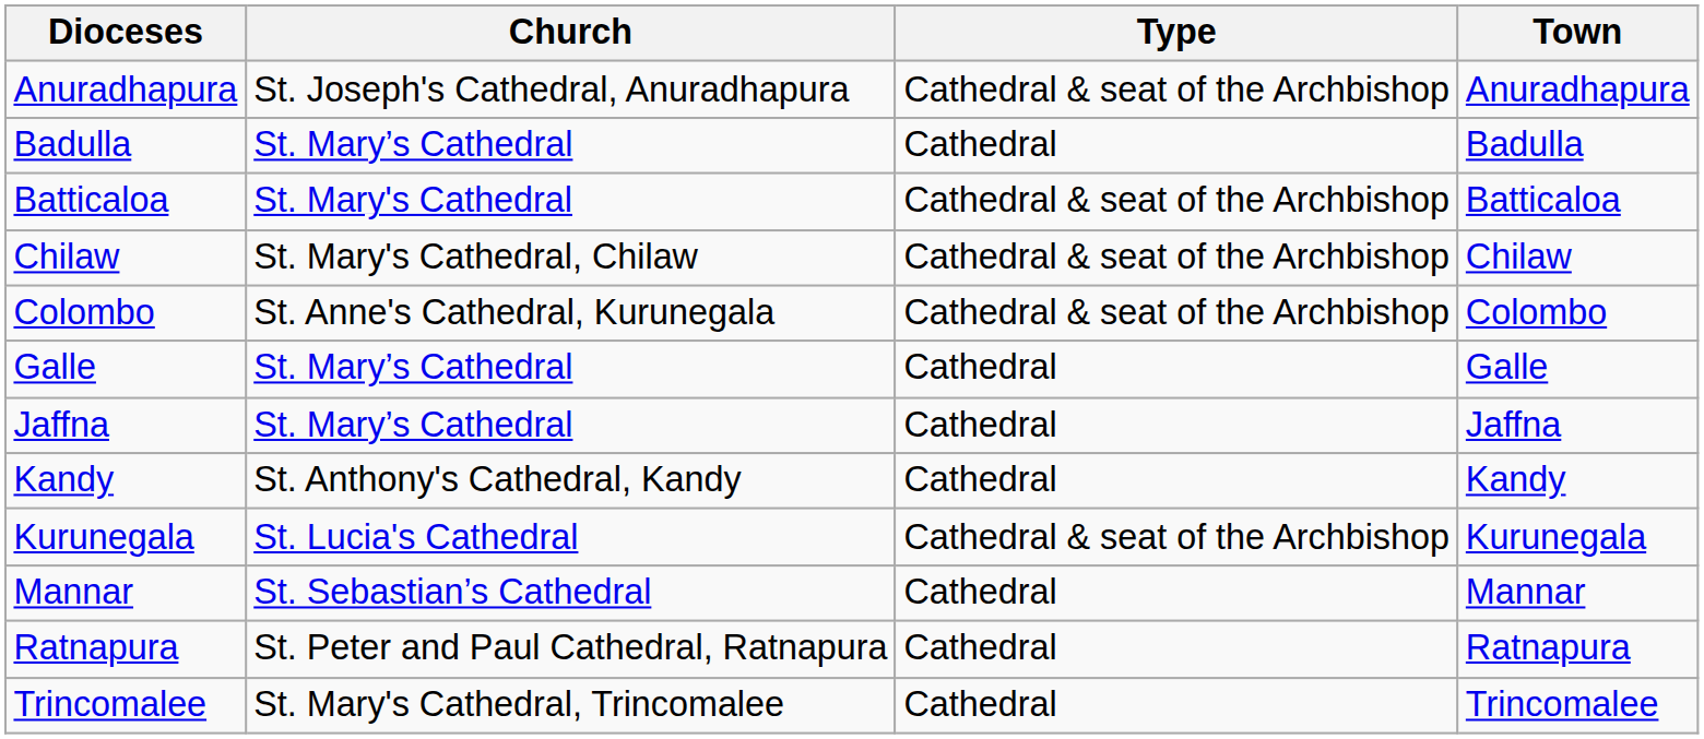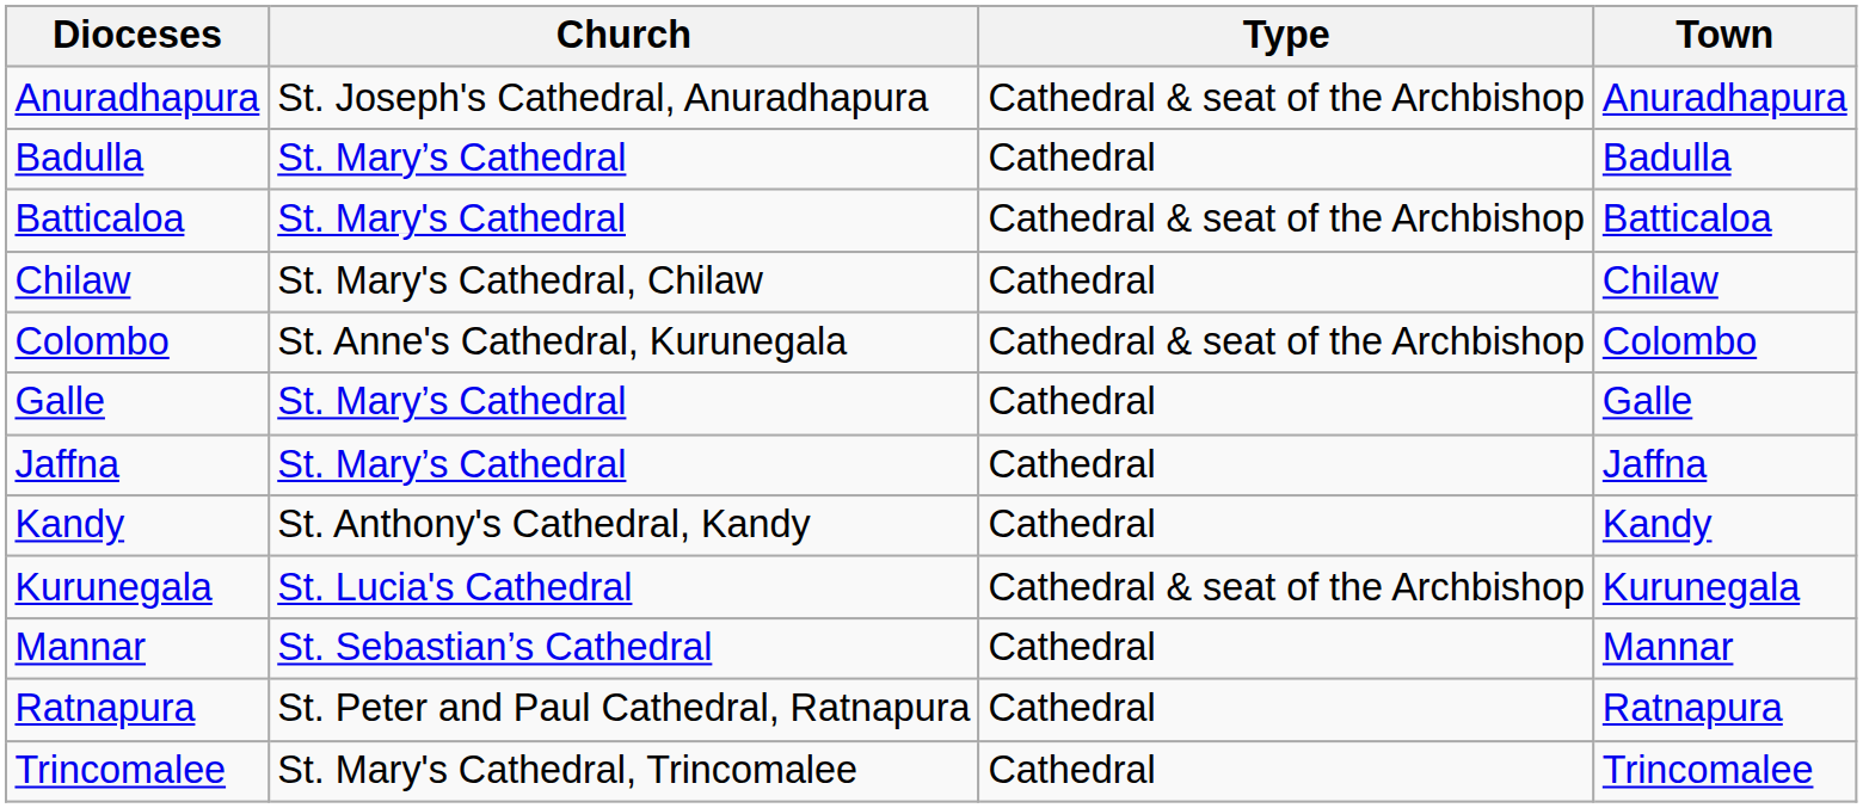 <table class="wikitable">
 <tr>
 <th>Dioceses</th>
 <th>Church</th>
 <th>Type</th>
 <th>Town</th>
 </tr>
 <tr>
 <td><a href='#'>Anuradhapura</a></td>
 <td>St. Joseph's Cathedral, Anuradhapura</td>
 <td>Cathedral & seat of the Archbishop</td>
 <td><a href='#'>Anuradhapura</a></td>
 </tr>
 <tr>
 <td><a href='#'>Badulla</a></td>
 <td><a href='#'>St. Mary’s Cathedral</a></td>
 <td>Cathedral</td>
 <td><a href='#'>Badulla</a></td>
 </tr>
 <tr>
 <td><a href='#'>Batticaloa</a></td>
 <td><a href='#'>St. Mary's Cathedral</a></td>
 <td>Cathedral & seat of the Archbishop</td>
 <td><a href='#'>Batticaloa</a></td>
 </tr>
 <tr>
 <td><a href='#'>Chilaw</a></td>
 <td>St. Mary's Cathedral, Chilaw</td>
-<td>Cathedral & seat of the Archbishop</td>
+<td>Cathedral</td>
 <td><a href='#'>Chilaw</a></td>
 </tr>
 <tr>
 <td><a href='#'>Colombo</a></td>
 <td>St. Anne's Cathedral, Kurunegala</td>
 <td>Cathedral & seat of the Archbishop</td>
 <td><a href='#'>Colombo</a></td>
 </tr>
 <tr>
 <td><a href='#'>Galle</a></td>
 <td><a href='#'>St. Mary’s Cathedral</a></td>
 <td>Cathedral</td>
 <td><a href='#'>Galle</a></td>
 </tr>
 <tr>
 <td><a href='#'>Jaffna</a></td>
 <td><a href='#'>St. Mary’s Cathedral</a></td>
 <td>Cathedral</td>
 <td><a href='#'>Jaffna</a></td>
 </tr>
 <tr>
 <td><a href='#'>Kandy</a></td>
 <td>St. Anthony's Cathedral, Kandy</td>
 <td>Cathedral</td>
 <td><a href='#'>Kandy</a></td>
 </tr>
 <tr>
 <td><a href='#'>Kurunegala</a></td>
 <td><a href='#'>St. Lucia's Cathedral</a></td>
 <td>Cathedral & seat of the Archbishop</td>
 <td><a href='#'>Kurunegala</a></td>
 </tr>
 <tr>
 <td><a href='#'>Mannar</a></td>
 <td><a href='#'>St. Sebastian’s Cathedral</a></td>
 <td>Cathedral</td>
 <td><a href='#'>Mannar</a></td>
 </tr>
 <tr>
 <td><a href='#'>Ratnapura</a></td>
 <td>St. Peter and Paul Cathedral, Ratnapura</td>
 <td>Cathedral</td>
 <td><a href='#'>Ratnapura</a></td>
 </tr>
 <tr>
 <td><a href='#'>Trincomalee</a></td>
 <td>St. Mary's Cathedral, Trincomalee</td>
 <td>Cathedral</td>
 <td><a href='#'>Trincomalee</a></td>
 </tr>
 </table>
